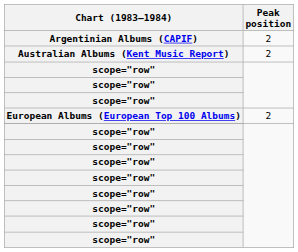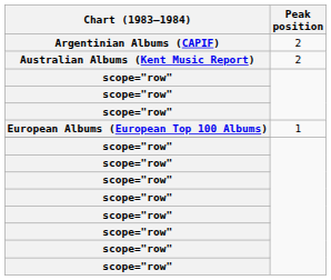 <table class="wikitable sortable plainrowheaders">
 <tr>
 <th scope="col">Chart (1983–1984)</th>
 <th scope="col">Peak<br>position</th>
 </tr>
 <tr>
 <th scope="row">Argentinian Albums (<a href='#'>CAPIF</a>)</th>
 <td align="center">2</td>
 </tr>
 <tr>
 <th scope="row">Australian Albums (<a href='#'>Kent Music Report</a>)</th>
 <td align=center>2</td>
 </tr>
 <tr>
 <th>scope="row" </th>
 </tr>
 <tr>
 <th>scope="row" </th>
 </tr>
 <tr>
 <th>scope="row" </th>
 </tr>
 <tr>
 <th scope="row">European Albums (<a href='#'>European Top 100 Albums</a>)</th>
-<td align=center>2</td>
+<td align=center>1</td>
 </tr>
 <tr>
 </tr>
 <tr>
 <th>scope="row" </th>
 </tr>
 <tr>
 <th>scope="row" </th>
 </tr>
 <tr>
 <th>scope="row" </th>
 </tr>
 <tr>
 <th>scope="row" </th>
 </tr>
 <tr>
 <th>scope="row" </th>
 </tr>
 <tr>
 <th>scope="row" </th>
 </tr>
 <tr>
 <th>scope="row" </th>
 </tr>
 <tr>
 <th>scope="row" </th>
 </tr>
 </table>
